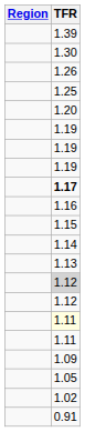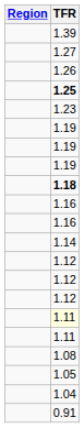 <table class="wikitable sortable">
 <tr>
 <th><a href='#'>Region</a></th>
 <th>TFR</th>
 </tr>
 <tr>
 <td></td>
 <td>1.39</td>
 </tr>
 <tr>
 <td></td>
-<td>1.30</td>
+<td>1.27</td>
 </tr>
 <tr>
 <td></td>
 <td>1.26</td>
 </tr>
 <tr>
 <td></td>
-<td>1.25</td>
+<td><strong>1.25</strong></td>
 </tr>
 <tr>
 <td></td>
-<td>1.20</td>
+<td>1.23</td>
 </tr>
 <tr>
 <td></td>
 <td>1.19</td>
 </tr>
 <tr>
 <td></td>
 <td>1.19</td>
 </tr>
 <tr>
 <td></td>
 <td>1.19</td>
 </tr>
 <tr>
 <td><strong></strong></td>
-<td><strong>1.17</strong></td>
+<td><strong>1.18</strong></td>
 </tr>
 <tr>
 <td></td>
 <td>1.16</td>
 </tr>
 <tr>
 <td></td>
-<td>1.15</td>
+<td>1.16</td>
 </tr>
 <tr>
 <td></td>
 <td>1.14</td>
 </tr>
 <tr>
 <td></td>
-<td>1.13</td>
+<td>1.12</td>
 </tr>
 <tr>
 <td></td>
-<td style="background: lightgrey;">1.12</td>
+<td>1.12</td>
 </tr>
 <tr>
 <td></td>
 <td>1.12</td>
 </tr>
 <tr>
 <td></td>
 <td style="background: lightyellow;">1.11</td>
 </tr>
 <tr>
 <td></td>
 <td>1.11</td>
 </tr>
 <tr>
 <td></td>
-<td>1.09</td>
+<td>1.08</td>
 </tr>
 <tr>
 <td></td>
 <td>1.05</td>
 </tr>
 <tr>
 <td></td>
-<td>1.02</td>
+<td>1.04</td>
 </tr>
 <tr>
 <td></td>
 <td>0.91</td>
 </tr>
 </table>
